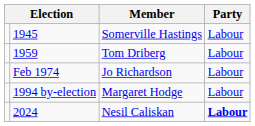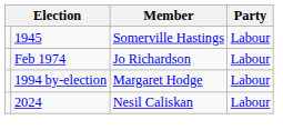 <table class="wikitable">
 <tr>
 <th colspan="2">Election</th>
 <th>Member</th>
 <th>Party</th>
 </tr>
 <tr>
 <td style="color:inherit;background-color: "></td>
 <td><a href='#'>1945</a></td>
 <td><a href='#'>Somerville Hastings</a></td>
-<td><a href='#'>Labour</a></td>
-</tr>
-<tr>
-<td style="color:inherit;background-color: "></td>
-<td><a href='#'>1959</a></td>
-<td><a href='#'>Tom Driberg</a></td>
 <td><a href='#'>Labour</a></td>
 </tr>
 <tr>
 <td style="color:inherit;background-color: "></td>
 <td><a href='#'>Feb 1974</a></td>
 <td><a href='#'>Jo Richardson</a></td>
 <td><a href='#'>Labour</a></td>
 </tr>
 <tr>
 <td style="color:inherit;background-color: "></td>
 <td><a href='#'>1994 by-election</a></td>
 <td><a href='#'>Margaret Hodge</a></td>
 <td><a href='#'>Labour</a></td>
 </tr>
 <tr>
 <td style="color:inherit;background-color: "></td>
 <td><a href='#'>2024</a></td>
 <td><a href='#'>Nesil Caliskan</a></td>
-<td><strong><a href='#'>Labour</a></strong></td>
+<td><a href='#'>Labour</a></td>
 </tr>
 </table>
